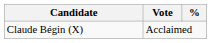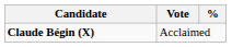 <table class="wikitable">
 <tr>
 <th bgcolor="#DDDDFF" width="200px">Candidate</th>
 <th bgcolor="#DDDDFF" width="50px">Vote</th>
 <th bgcolor="#DDDDFF" width="30px">%</th>
 </tr>
 <tr>
-<td>Claude Bégin (X)</td>
+<td><strong>Claude Bégin (X)</strong></td>
 <td colspan="2">Acclaimed</td>
 </tr>
 </table>
